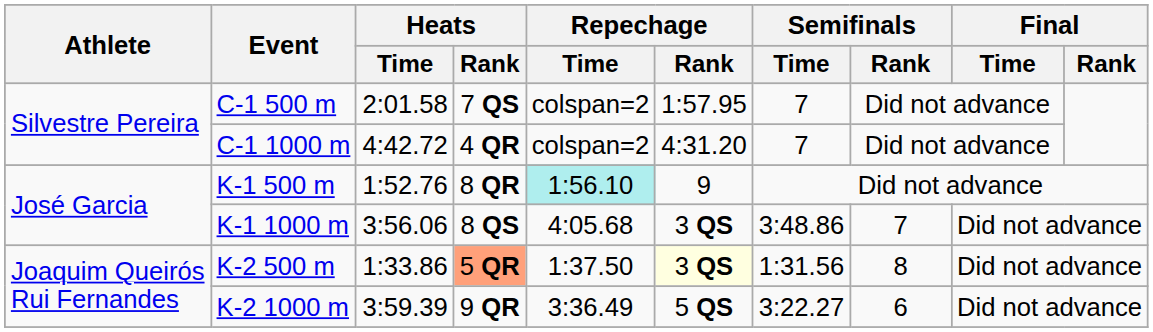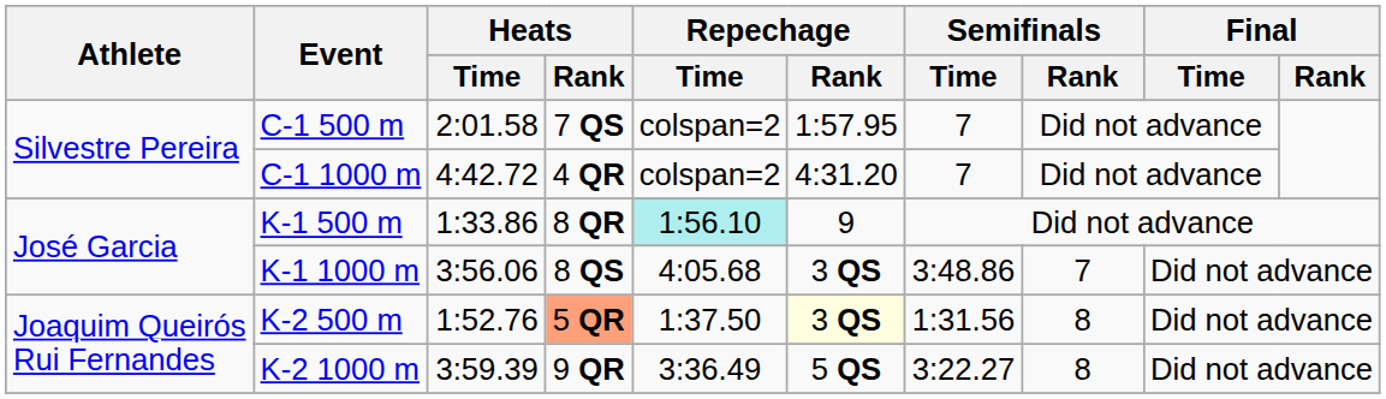 <table class=wikitable style="font-size:90%">
 <tr>
 <th rowspan="2">Athlete</th>
 <th rowspan="2">Event</th>
 <th colspan="2">Heats</th>
 <th colspan="2">Repechage</th>
 <th colspan="2">Semifinals</th>
 <th colspan="2">Final</th>
 </tr>
 <tr style="font-size:95%">
 <th>Time</th>
 <th>Rank</th>
 <th>Time</th>
 <th>Rank</th>
 <th>Time</th>
 <th>Rank</th>
 <th>Time</th>
 <th>Rank</th>
 </tr>
 <tr align=center>
 <td align=left rowspan=2><a href='#'>Silvestre Pereira</a></td>
 <td align=left><a href='#'>C-1 500 m</a></td>
 <td>2:01.58</td>
 <td>7 <strong>QS</strong></td>
 <td>colspan=2 </td>
 <td>1:57.95</td>
 <td>7</td>
 <td colspan=2>Did not advance</td>
 </tr>
 <tr align=center>
 <td align=left><a href='#'>C-1 1000 m</a></td>
 <td>4:42.72</td>
 <td>4 <strong>QR</strong></td>
 <td>colspan=2 </td>
 <td>4:31.20</td>
 <td>7</td>
 <td colspan=2>Did not advance</td>
 </tr>
 <tr align=center>
 <td align=left rowspan=2><a href='#'>José Garcia</a></td>
 <td align=left><a href='#'>K-1 500 m</a></td>
-<td>1:52.76</td>
+<td>1:33.86</td>
 <td>8 <strong>QR</strong></td>
 <td style="background: paleturquoise;">1:56.10</td>
 <td>9</td>
 <td colspan=4>Did not advance</td>
 </tr>
 <tr align=center>
 <td align=left><a href='#'>K-1 1000 m</a></td>
 <td>3:56.06</td>
 <td>8 <strong>QS</strong></td>
 <td>4:05.68</td>
 <td>3 <strong>QS</strong></td>
 <td>3:48.86</td>
 <td>7</td>
 <td colspan=2>Did not advance</td>
 </tr>
 <tr align=center>
 <td align=left rowspan=2><a href='#'>Joaquim Queirós</a> <br> <a href='#'>Rui Fernandes</a></td>
 <td align=left><a href='#'>K-2 500 m</a></td>
-<td>1:33.86</td>
+<td>1:52.76</td>
 <td style="background: lightsalmon;">5 <strong>QR</strong></td>
 <td>1:37.50</td>
 <td style="background: lightyellow;">3  <strong>QS</strong></td>
 <td>1:31.56</td>
 <td>8</td>
 <td colspan=2>Did not advance</td>
 </tr>
 <tr align=center>
 <td align=left><a href='#'>K-2 1000 m</a></td>
 <td>3:59.39</td>
 <td>9 <strong>QR</strong></td>
 <td>3:36.49</td>
 <td>5 <strong>QS</strong></td>
 <td>3:22.27</td>
-<td>6</td>
+<td>8</td>
 <td colspan=2>Did not advance</td>
 </tr>
 </table>
